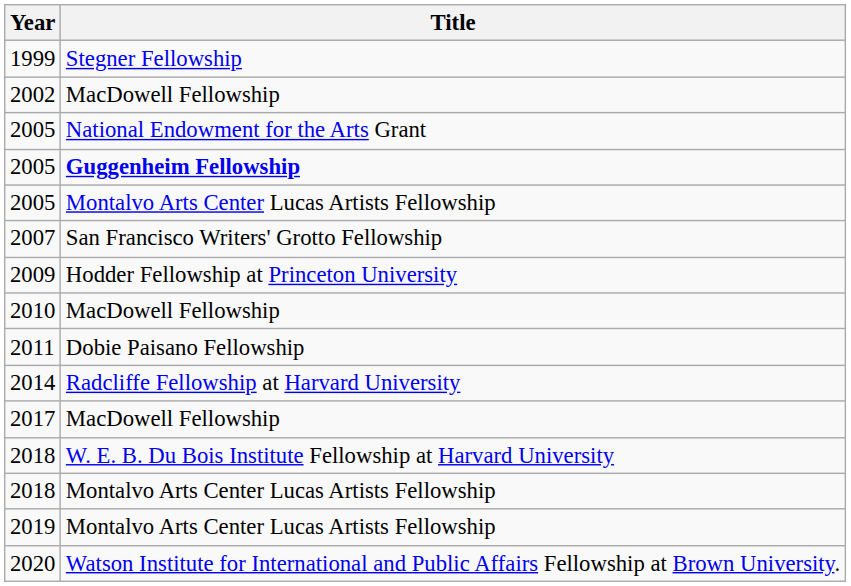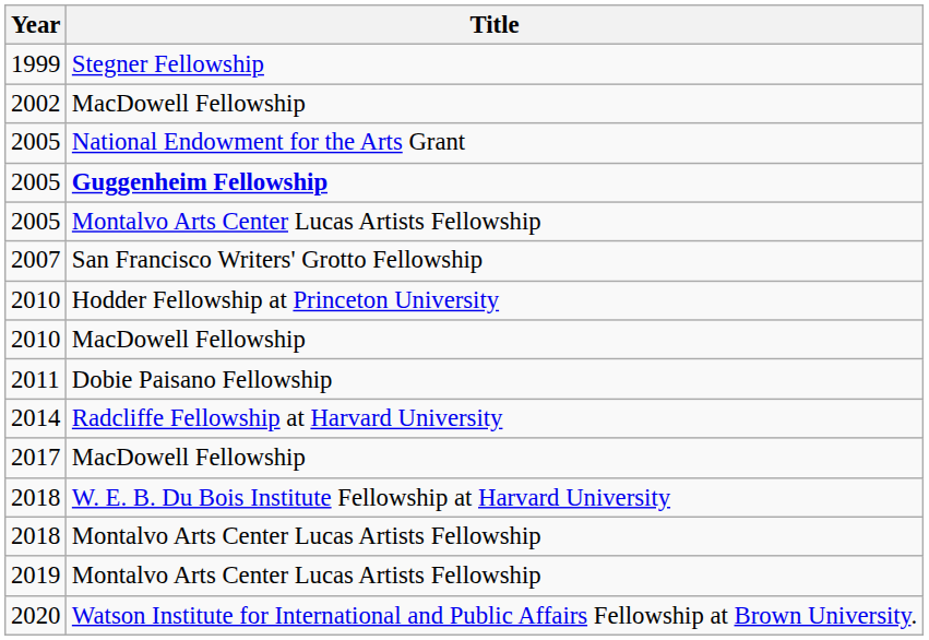 <table class="wikitable">
 <tr>
 <th>Year</th>
 <th>Title</th>
 </tr>
 <tr>
 <td>1999</td>
 <td><a href='#'>Stegner Fellowship</a></td>
 </tr>
 <tr>
 <td>2002</td>
 <td>MacDowell Fellowship</td>
 </tr>
 <tr>
 <td>2005</td>
 <td><a href='#'>National Endowment for the Arts</a> Grant</td>
 </tr>
 <tr>
 <td>2005</td>
 <td><strong><a href='#'>Guggenheim Fellowship</a></strong></td>
 </tr>
 <tr>
 <td>2005</td>
 <td><a href='#'>Montalvo Arts Center</a> Lucas Artists Fellowship</td>
 </tr>
 <tr>
 <td>2007</td>
 <td>San Francisco Writers' Grotto Fellowship</td>
 </tr>
 <tr>
-<td>2009</td>
+<td>2010</td>
 <td>Hodder Fellowship at <a href='#'>Princeton University</a></td>
 </tr>
 <tr>
 <td>2010</td>
 <td>MacDowell Fellowship</td>
 </tr>
 <tr>
 <td>2011</td>
 <td>Dobie Paisano Fellowship</td>
 </tr>
 <tr>
 <td>2014</td>
 <td><a href='#'>Radcliffe Fellowship</a> at <a href='#'>Harvard University</a></td>
 </tr>
 <tr>
 <td>2017</td>
 <td>MacDowell Fellowship</td>
 </tr>
 <tr>
 <td>2018</td>
 <td><a href='#'>W. E. B. Du Bois Institute</a> Fellowship at <a href='#'>Harvard University</a></td>
 </tr>
 <tr>
 <td>2018</td>
 <td>Montalvo Arts Center Lucas Artists Fellowship</td>
 </tr>
 <tr>
 <td>2019</td>
 <td>Montalvo Arts Center Lucas Artists Fellowship</td>
 </tr>
 <tr>
 <td>2020</td>
 <td><a href='#'>Watson Institute for International and Public Affairs</a> Fellowship at <a href='#'>Brown University</a>.</td>
 </tr>
 </table>
